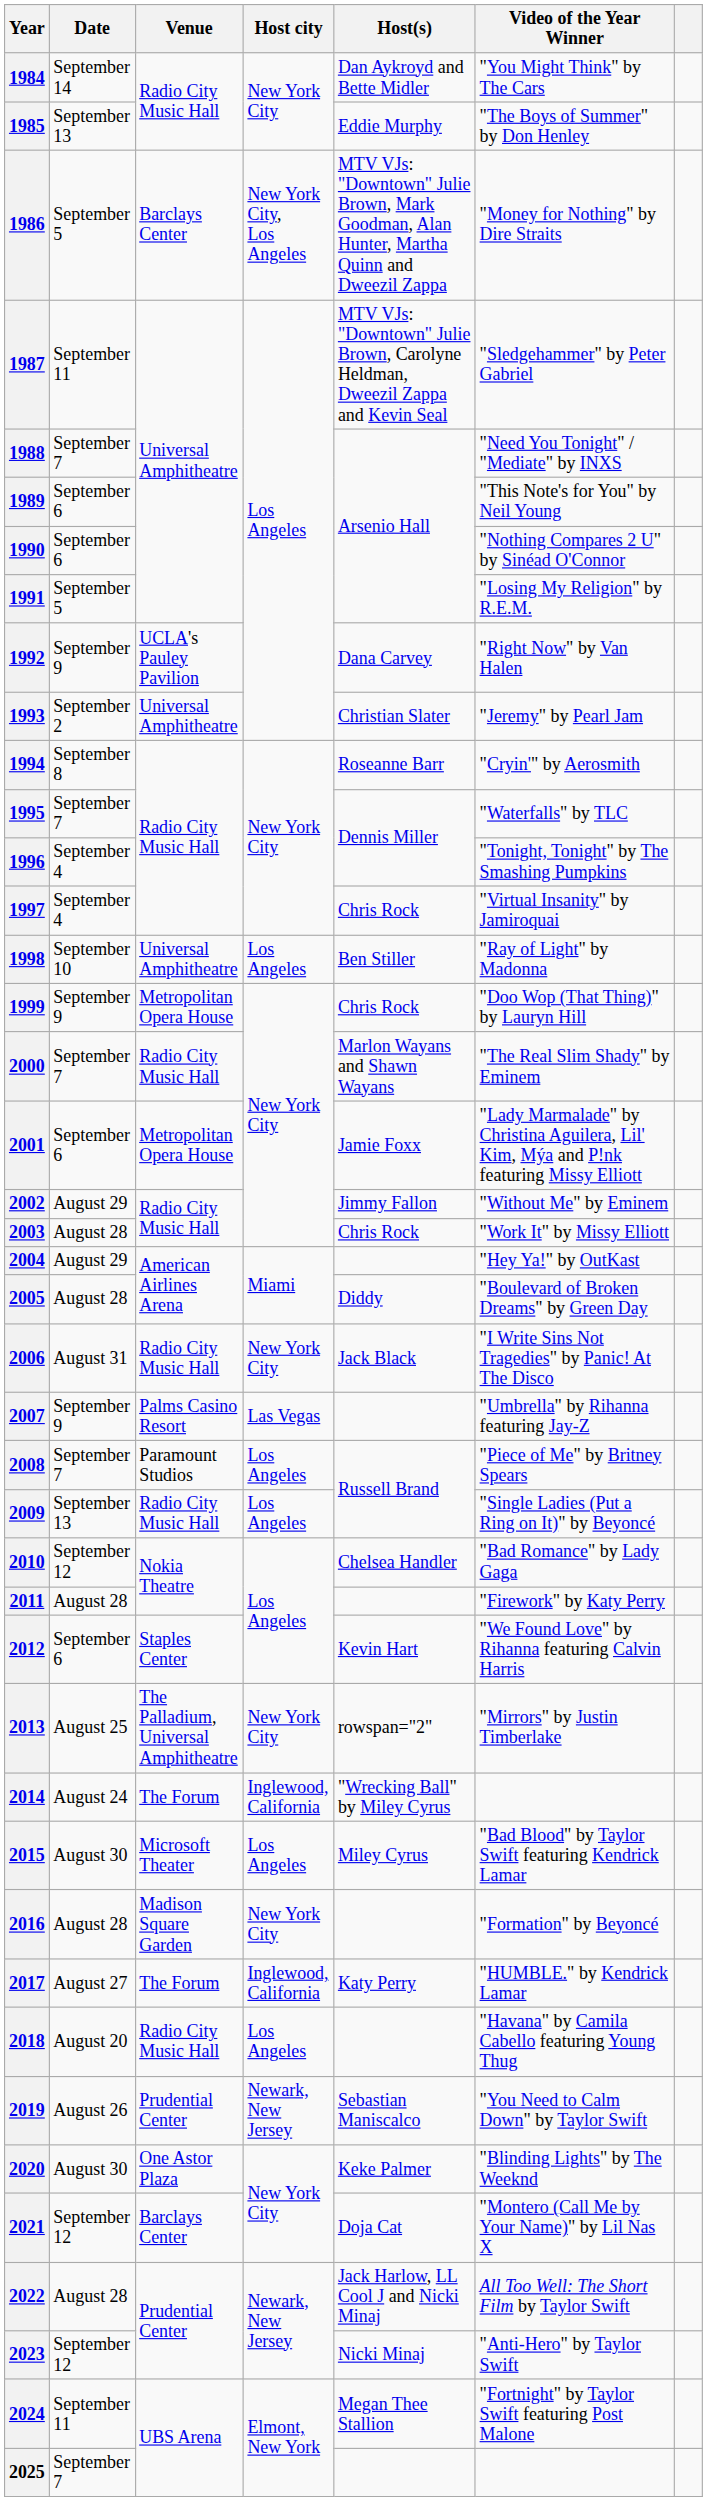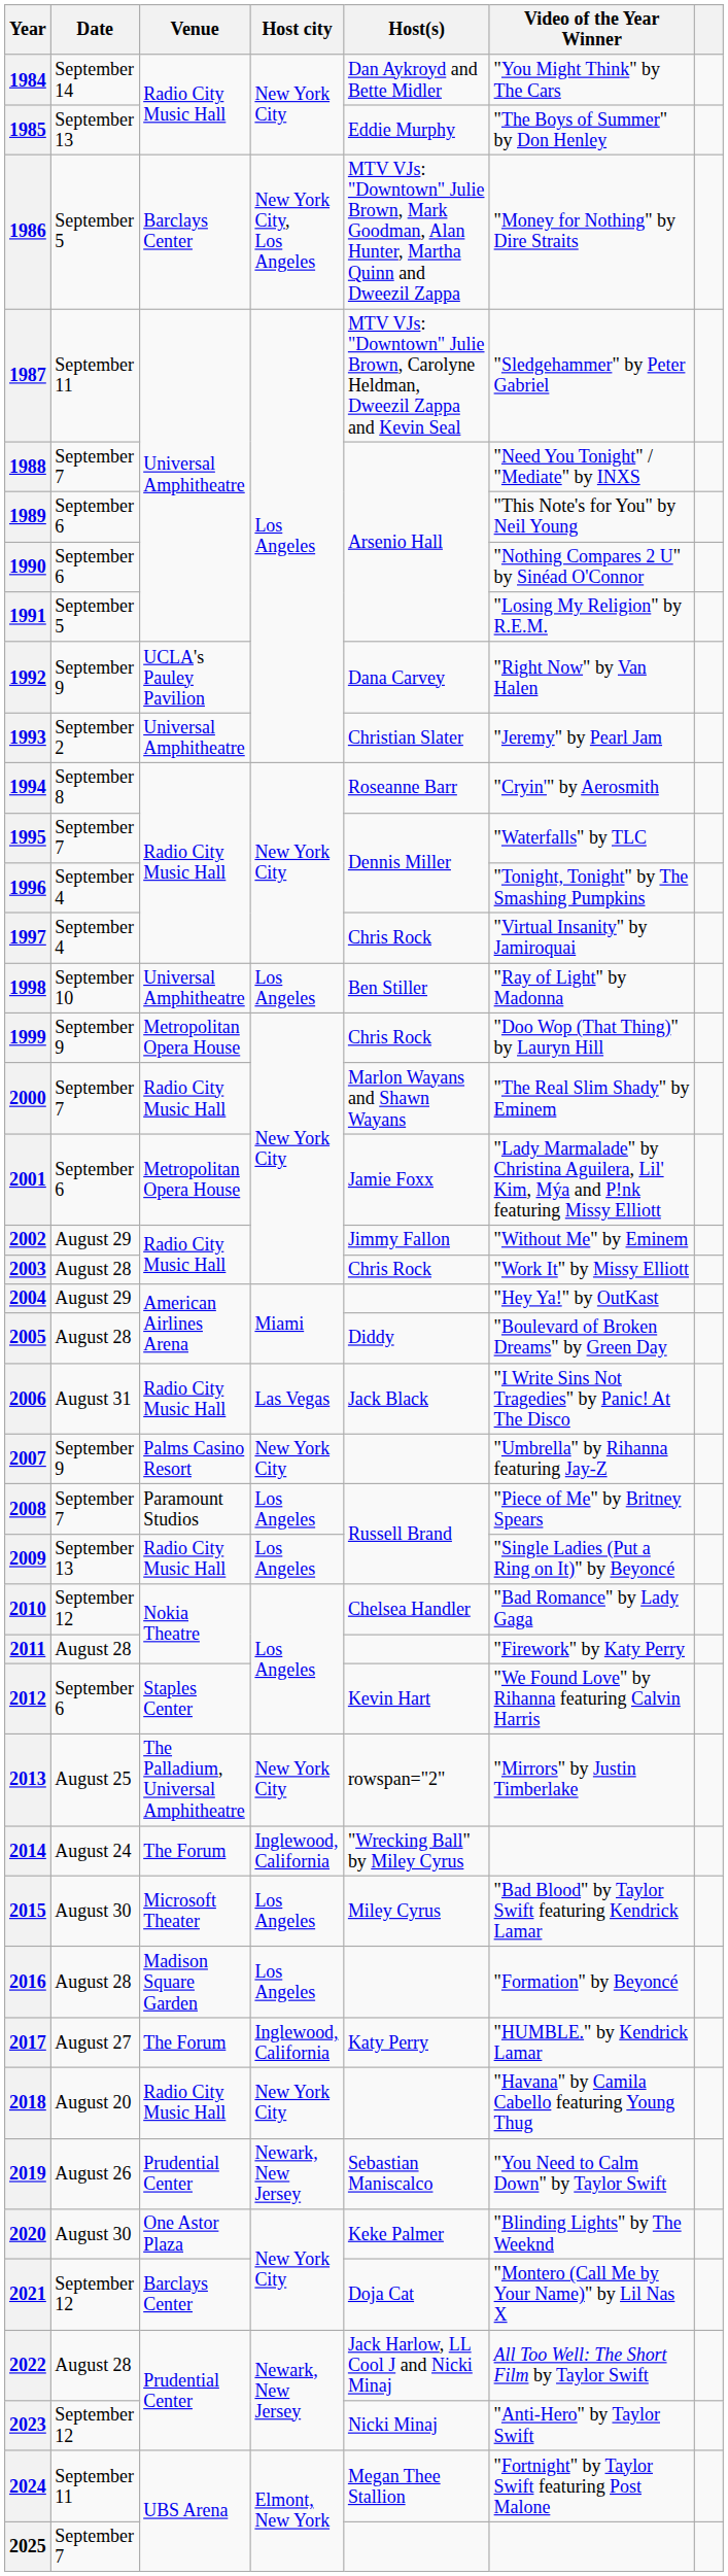 <table class="wikitable sortable plainrowheaders" style="width:100%;">
 <tr>
 <th style="width:5%;">Year</th>
 <th style="width:9%;">Date</th>
 <th style="width:13%;">Venue</th>
 <th style="width:10%;">Host city</th>
 <th style="width:20%;">Host(s)</th>
 <th style="width:28%;">Video of the Year Winner</th>
 <th style="width:4%;" class="unsortable"></th>
 </tr>
 <tr>
 <th scope="row" style="text-align:center;"><a href='#'>1984</a></th>
 <td>September 14</td>
 <td rowspan="2"><a href='#'>Radio City Music Hall</a></td>
 <td rowspan="2"><a href='#'>New York City</a></td>
 <td><a href='#'>Dan Aykroyd</a> and <a href='#'>Bette Midler</a></td>
 <td>"<a href='#'>You Might Think</a>" by <a href='#'>The Cars</a><br></td>
 <td align="center"></td>
 </tr>
 <tr>
 <th scope="row" style="text-align:center;"><a href='#'>1985</a></th>
 <td>September 13</td>
 <td><a href='#'>Eddie Murphy</a></td>
 <td>"<a href='#'>The Boys of Summer</a>" by <a href='#'>Don Henley</a> <br></td>
 <td align="center"></td>
 </tr>
 <tr>
 <th scope="row" style="text-align:center;"><a href='#'>1986</a></th>
 <td>September 5</td>
 <td><a href='#'>Barclays Center</a></td>
 <td><a href='#'>New York City</a>,<br><a href='#'>Los Angeles</a></td>
 <td><a href='#'>MTV VJs</a>: <a href='#'>"Downtown" Julie Brown</a>, <a href='#'>Mark Goodman</a>, <a href='#'>Alan Hunter</a>, <a href='#'>Martha Quinn</a> and <a href='#'>Dweezil Zappa</a></td>
 <td>"<a href='#'>Money for Nothing</a>" by <a href='#'>Dire Straits</a> <br></td>
 <td align="center"></td>
 </tr>
 <tr>
 <th scope="row" style="text-align:center;"><a href='#'>1987</a></th>
 <td>September 11</td>
 <td rowspan="5"><a href='#'>Universal Amphitheatre</a></td>
 <td rowspan="7"><a href='#'>Los Angeles</a></td>
 <td><a href='#'>MTV VJs</a>: <a href='#'>"Downtown" Julie Brown</a>, Carolyne Heldman, <a href='#'>Dweezil Zappa</a> and <a href='#'>Kevin Seal</a></td>
 <td>"<a href='#'>Sledgehammer</a>" by <a href='#'>Peter Gabriel</a> <br></td>
 <td align="center"></td>
 </tr>
 <tr>
 <th scope="row" style="text-align:center;"><a href='#'>1988</a></th>
 <td>September 7</td>
 <td rowspan="4"><a href='#'>Arsenio Hall</a></td>
 <td>"<a href='#'>Need You Tonight</a>" / "<a href='#'>Mediate</a>" by <a href='#'>INXS</a> <br></td>
 <td align="center"></td>
 </tr>
 <tr>
 <th scope="row" style="text-align:center;"><a href='#'>1989</a></th>
 <td>September 6</td>
 <td>"This Note's for You" by <a href='#'>Neil Young</a> <br></td>
 <td align="center"></td>
 </tr>
 <tr>
 <th scope="row" style="text-align:center;"><a href='#'>1990</a></th>
 <td>September 6</td>
 <td>"<a href='#'>Nothing Compares 2 U</a>" by <a href='#'>Sinéad O'Connor</a> <br></td>
 <td align="center"></td>
 </tr>
 <tr>
 <th scope="row" style="text-align:center;"><a href='#'>1991</a></th>
 <td>September 5</td>
 <td>"<a href='#'>Losing My Religion</a>" by <a href='#'>R.E.M.</a> <br></td>
 <td align="center"></td>
 </tr>
 <tr>
 <th scope="row" style="text-align:center;"><a href='#'>1992</a></th>
 <td>September 9</td>
 <td><a href='#'>UCLA</a>'s <a href='#'>Pauley Pavilion</a></td>
 <td><a href='#'>Dana Carvey</a></td>
 <td>"<a href='#'>Right Now</a>" by <a href='#'>Van Halen</a> <br></td>
 <td align="center"></td>
 </tr>
 <tr>
 <th scope="row" style="text-align:center;"><a href='#'>1993</a></th>
 <td>September 2</td>
 <td><a href='#'>Universal Amphitheatre</a></td>
 <td><a href='#'>Christian Slater</a></td>
 <td>"<a href='#'>Jeremy</a>" by <a href='#'>Pearl Jam</a> <br></td>
 <td align="center"></td>
 </tr>
 <tr>
 <th scope="row" style="text-align:center;"><a href='#'>1994</a></th>
 <td>September 8</td>
 <td rowspan="4"><a href='#'>Radio City Music Hall</a></td>
 <td rowspan="4"><a href='#'>New York City</a></td>
 <td><a href='#'>Roseanne Barr</a></td>
 <td>"<a href='#'>Cryin'</a>" by <a href='#'>Aerosmith</a> <br></td>
 <td align="center"></td>
 </tr>
 <tr>
 <th scope="row" style="text-align:center;"><a href='#'>1995</a></th>
 <td>September 7</td>
 <td rowspan="2"><a href='#'>Dennis Miller</a></td>
 <td>"<a href='#'>Waterfalls</a>" by <a href='#'>TLC</a> <br></td>
 <td align="center"></td>
 </tr>
 <tr>
 <th scope="row" style="text-align:center;"><a href='#'>1996</a></th>
 <td>September 4</td>
 <td>"<a href='#'>Tonight, Tonight</a>" by <a href='#'>The Smashing Pumpkins</a> <br></td>
 <td align="center"></td>
 </tr>
 <tr>
 <th scope="row" style="text-align:center;"><a href='#'>1997</a></th>
 <td>September 4</td>
 <td><a href='#'>Chris Rock</a></td>
 <td>"<a href='#'>Virtual Insanity</a>" by <a href='#'>Jamiroquai</a> <br></td>
 <td align="center"></td>
 </tr>
 <tr>
 <th scope="row" style="text-align:center;"><a href='#'>1998</a></th>
 <td>September 10</td>
 <td><a href='#'>Universal Amphitheatre</a></td>
 <td><a href='#'>Los Angeles</a></td>
 <td><a href='#'>Ben Stiller</a></td>
 <td>"<a href='#'>Ray of Light</a>" by <a href='#'>Madonna</a> <br></td>
 <td align="center"></td>
 </tr>
 <tr>
 <th scope="row" style="text-align:center;"><a href='#'>1999</a></th>
 <td>September 9</td>
 <td><a href='#'>Metropolitan Opera House</a></td>
 <td rowspan="5"><a href='#'>New York City</a></td>
 <td><a href='#'>Chris Rock</a></td>
 <td>"<a href='#'>Doo Wop (That Thing)</a>" by <a href='#'>Lauryn Hill</a> <br></td>
 <td align="center"></td>
 </tr>
 <tr>
 <th scope="row" style="text-align:center;"><a href='#'>2000</a></th>
 <td>September 7</td>
 <td><a href='#'>Radio City Music Hall</a></td>
 <td><a href='#'>Marlon Wayans</a> and <a href='#'>Shawn Wayans</a></td>
 <td>"<a href='#'>The Real Slim Shady</a>" by <a href='#'>Eminem</a> <br></td>
 <td align="center"></td>
 </tr>
 <tr>
 <th scope="row" style="text-align:center;"><a href='#'>2001</a></th>
 <td>September 6</td>
 <td><a href='#'>Metropolitan Opera House</a></td>
 <td><a href='#'>Jamie Foxx</a></td>
 <td>"<a href='#'>Lady Marmalade</a>" by <a href='#'>Christina Aguilera</a>, <a href='#'>Lil' Kim</a>, <a href='#'>Mýa</a> and <a href='#'>P!nk</a> featuring <a href='#'>Missy Elliott</a> <br></td>
 <td align="center"></td>
 </tr>
 <tr>
 <th scope="row" style="text-align:center;"><a href='#'>2002</a></th>
 <td>August 29</td>
 <td rowspan="2"><a href='#'>Radio City Music Hall</a></td>
 <td><a href='#'>Jimmy Fallon</a></td>
 <td>"<a href='#'>Without Me</a>" by <a href='#'>Eminem</a> <br></td>
 <td align="center"></td>
 </tr>
 <tr>
 <th scope="row" style="text-align:center;"><a href='#'>2003</a></th>
 <td>August 28</td>
 <td><a href='#'>Chris Rock</a></td>
 <td>"<a href='#'>Work It</a>" by <a href='#'>Missy Elliott</a> <br></td>
 <td align="center"></td>
 </tr>
 <tr>
 <th scope="row" style="text-align:center;"><a href='#'>2004</a></th>
 <td>August 29</td>
 <td rowspan="2"><a href='#'>American Airlines Arena</a></td>
 <td rowspan="2"><a href='#'>Miami</a></td>
 <td></td>
 <td>"<a href='#'>Hey Ya!</a>" by <a href='#'>OutKast</a> <br></td>
 <td align="center"></td>
 </tr>
 <tr>
 <th scope="row" style="text-align:center;"><a href='#'>2005</a></th>
 <td>August 28</td>
 <td><a href='#'>Diddy</a></td>
 <td>"<a href='#'>Boulevard of Broken Dreams</a>" by <a href='#'>Green Day</a> <br></td>
 <td align="center"></td>
 </tr>
 <tr>
 <th scope="row" style="text-align:center;"><a href='#'>2006</a></th>
 <td>August 31</td>
 <td><a href='#'>Radio City Music Hall</a></td>
-<td><a href='#'>New York City</a></td>
+<td><a href='#'>Las Vegas</a></td>
 <td><a href='#'>Jack Black</a></td>
 <td>"<a href='#'>I Write Sins Not Tragedies</a>" by <a href='#'>Panic! At The Disco</a> <br></td>
 <td align="center"></td>
 </tr>
 <tr>
 <th scope="row" style="text-align:center;"><a href='#'>2007</a></th>
 <td>September 9</td>
 <td><a href='#'>Palms Casino Resort</a></td>
-<td><a href='#'>Las Vegas</a></td>
+<td><a href='#'>New York City</a></td>
 <td></td>
 <td>"<a href='#'>Umbrella</a>" by <a href='#'>Rihanna</a> featuring <a href='#'>Jay-Z</a> <br></td>
 <td align="center"></td>
 </tr>
 <tr>
 <th scope="row" style="text-align:center;"><a href='#'>2008</a></th>
 <td>September 7</td>
 <td>Paramount Studios</td>
 <td><a href='#'>Los Angeles</a></td>
 <td rowspan="2"><a href='#'>Russell Brand</a></td>
 <td>"<a href='#'>Piece of Me</a>" by <a href='#'>Britney Spears</a> <br></td>
 <td align="center"></td>
 </tr>
 <tr>
 <th scope="row" style="text-align:center;"><a href='#'>2009</a></th>
 <td>September 13</td>
 <td><a href='#'>Radio City Music Hall</a></td>
 <td><a href='#'>Los Angeles</a></td>
 <td>"<a href='#'>Single Ladies (Put a Ring on It)</a>" by <a href='#'>Beyoncé</a> <br></td>
 <td align="center"></td>
 </tr>
 <tr>
 <th scope="row" style="text-align:center;"><a href='#'>2010</a></th>
 <td>September 12</td>
 <td rowspan="2"><a href='#'>Nokia Theatre</a></td>
 <td rowspan="3"><a href='#'>Los Angeles</a></td>
 <td><a href='#'>Chelsea Handler</a></td>
 <td>"<a href='#'>Bad Romance</a>" by <a href='#'>Lady Gaga</a> <br></td>
 <td align="center"></td>
 </tr>
 <tr>
 <th scope="row" style="text-align:center;"><a href='#'>2011</a></th>
 <td>August 28</td>
 <td></td>
 <td>"<a href='#'>Firework</a>" by <a href='#'>Katy Perry</a> <br></td>
 <td align="center"></td>
 </tr>
 <tr>
 <th scope="row" style="text-align:center;"><a href='#'>2012</a></th>
 <td>September 6</td>
 <td><a href='#'>Staples Center</a></td>
 <td><a href='#'>Kevin Hart</a></td>
 <td>"<a href='#'>We Found Love</a>" by <a href='#'>Rihanna</a> featuring <a href='#'>Calvin Harris</a> <br></td>
 <td align="center"></td>
 </tr>
 <tr>
 <th scope="row" style="text-align:center;"><a href='#'>2013</a></th>
 <td>August 25</td>
 <td><a href='#'>The Palladium</a>,<br><a href='#'>Universal Amphitheatre</a></td>
 <td><a href='#'>New York City</a></td>
 <td>rowspan="2" </td>
 <td>"<a href='#'>Mirrors</a>" by <a href='#'>Justin Timberlake</a> <br></td>
 <td align="center"></td>
 </tr>
 <tr>
 <th scope="row" style="text-align:center;"><a href='#'>2014</a></th>
 <td>August 24</td>
 <td><a href='#'>The Forum</a></td>
 <td><a href='#'>Inglewood, California</a></td>
 <td>"<a href='#'>Wrecking Ball</a>" by <a href='#'>Miley Cyrus</a> <br></td>
 <td align="center"></td>
 </tr>
 <tr>
 <th scope="row" style="text-align:center;"><a href='#'>2015</a></th>
 <td>August 30</td>
 <td><a href='#'>Microsoft Theater</a></td>
 <td><a href='#'>Los Angeles</a></td>
 <td><a href='#'>Miley Cyrus</a></td>
 <td>"<a href='#'>Bad Blood</a>" by <a href='#'>Taylor Swift</a> featuring <a href='#'>Kendrick Lamar</a> <br></td>
 <td align="center"></td>
 </tr>
 <tr>
 <th scope="row" style="text-align:center;"><a href='#'>2016</a></th>
 <td>August 28</td>
 <td><a href='#'>Madison Square Garden</a></td>
-<td><a href='#'>New York City</a></td>
+<td><a href='#'>Los Angeles</a></td>
 <td></td>
 <td>"<a href='#'>Formation</a>" by <a href='#'>Beyoncé</a> <br></td>
 <td align="center"></td>
 </tr>
 <tr>
 <th scope="row" style="text-align:center;"><a href='#'>2017</a></th>
 <td>August 27</td>
 <td><a href='#'>The Forum</a></td>
 <td><a href='#'>Inglewood, California</a></td>
 <td><a href='#'>Katy Perry</a></td>
 <td>"<a href='#'>HUMBLE.</a>" by <a href='#'>Kendrick Lamar</a> <br></td>
 <td align="center"></td>
 </tr>
 <tr>
 <th scope="row" style="text-align:center;"><a href='#'>2018</a></th>
 <td>August 20</td>
 <td><a href='#'>Radio City Music Hall</a></td>
-<td><a href='#'>Los Angeles</a></td>
+<td><a href='#'>New York City</a></td>
 <td></td>
 <td>"<a href='#'>Havana</a>" by <a href='#'>Camila Cabello</a> featuring <a href='#'>Young Thug</a> <br></td>
 <td align="center"></td>
 </tr>
 <tr>
 <th scope="row" style="text-align:center;"><a href='#'>2019</a></th>
 <td>August 26</td>
 <td><a href='#'>Prudential Center</a></td>
 <td><a href='#'>Newark, New Jersey</a></td>
 <td><a href='#'>Sebastian Maniscalco</a></td>
 <td>"<a href='#'>You Need to Calm Down</a>" by <a href='#'>Taylor Swift</a> <br></td>
 <td align="center"></td>
 </tr>
 <tr>
 <th scope="row" style="text-align:center;"><a href='#'>2020</a></th>
 <td>August 30</td>
 <td><a href='#'>One Astor Plaza</a></td>
 <td rowspan="2"><a href='#'>New York City</a></td>
 <td><a href='#'>Keke Palmer</a></td>
 <td>"<a href='#'>Blinding Lights</a>" by <a href='#'>The Weeknd</a> <br></td>
 <td align="center"></td>
 </tr>
 <tr>
 <th scope="row" style="text-align:center;"><a href='#'>2021</a></th>
 <td>September 12</td>
 <td><a href='#'>Barclays Center</a></td>
 <td><a href='#'>Doja Cat</a></td>
 <td>"<a href='#'>Montero (Call Me by Your Name)</a>" by <a href='#'>Lil Nas X</a> <br></td>
 <td align="center"></td>
 </tr>
 <tr>
 <th scope="row" style="text-align:center;"><a href='#'>2022</a></th>
 <td>August 28</td>
 <td rowspan="2"><a href='#'>Prudential Center</a></td>
 <td rowspan="2"><a href='#'>Newark, New Jersey</a></td>
 <td><a href='#'>Jack Harlow</a>, <a href='#'>LL Cool J</a> and <a href='#'>Nicki Minaj</a></td>
 <td><em><a href='#'>All Too Well: The Short Film</a></em> by <a href='#'>Taylor Swift</a> <br></td>
 <td align="center"></td>
 </tr>
 <tr>
 <th scope="row" style="text-align:center;"><a href='#'>2023</a></th>
 <td>September 12</td>
 <td><a href='#'>Nicki Minaj</a></td>
 <td>"<a href='#'>Anti-Hero</a>" by <a href='#'>Taylor Swift</a> <br></td>
 <td align="center"></td>
 </tr>
 <tr>
 <th scope="row" style="text-align:center;"><a href='#'>2024</a></th>
 <td>September 11</td>
 <td rowspan="2"><a href='#'>UBS Arena</a></td>
 <td rowspan="2"><a href='#'>Elmont, New York</a></td>
 <td><a href='#'>Megan Thee Stallion</a></td>
 <td>"<a href='#'>Fortnight</a>" by <a href='#'>Taylor Swift</a> featuring <a href='#'>Post Malone</a>  <br></td>
 <td align="center"></td>
 </tr>
 <tr>
 <th scope="row" style="text-align:center;">2025</th>
 <td>September 7</td>
 <td></td>
 <td></td>
 <td align="center"></td>
 </tr>
 </table>
